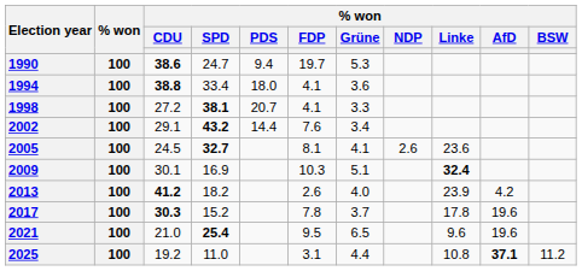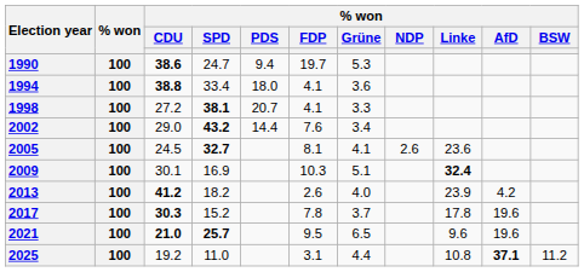 <table class="wikitable" style="text-align:center; font-size: 0.9em;">
 <tr>
 <th rowspan="3">Election year</th>
 <th rowspan="3">% won</th>
 <th colspan="10">% won</th>
 </tr>
 <tr>
 <th class="unsortable" style="width:45px;"><a href='#'>CDU</a></th>
 <th class="unsortable" style="width:45px;"><a href='#'>SPD</a></th>
 <th class="unsortable" style="width:45px;"><a href='#'>PDS</a></th>
 <th class="unsortable" style="width:45px;"><a href='#'>FDP</a></th>
 <th class="unsortable" style="width:45px;"><a href='#'>Grüne</a></th>
 <th class="unsortable" style="width:45px;"><a href='#'>NDP</a></th>
 <th class="unsortable" style="width:45px;"><a href='#'>Linke</a></th>
 <th class="unsortable" style="width:45px;"><a href='#'>AfD</a></th>
 <th class="unsortable" style="width:45px;"><a href='#'>BSW</a></th>
 </tr>
 <tr>
 <th style="background:"></th>
 <th style="background:"></th>
 <th style="background:"></th>
 <th style="background:"></th>
 <th style="background:"></th>
 <th style="background:"></th>
 <th style="background:"></th>
 <th style="background:"></th>
 <th style="background:"></th>
 </tr>
 <tr>
 <th style="text-align: left;"><a href='#'>1990</a></th>
 <th>100</th>
 <td><strong>38.6</strong></td>
 <td>24.7</td>
 <td>9.4</td>
 <td>19.7</td>
 <td>5.3</td>
 <td></td>
 <td></td>
 <td></td>
 <td></td>
 </tr>
 <tr>
 <th style="text-align: left;"><a href='#'>1994</a></th>
 <th>100</th>
 <td><strong>38.8</strong></td>
 <td>33.4</td>
 <td>18.0</td>
 <td>4.1</td>
 <td>3.6</td>
 <td></td>
 <td></td>
 <td></td>
 <td></td>
 </tr>
 <tr>
 <th style="text-align: left;"><a href='#'>1998</a></th>
 <th>100</th>
 <td>27.2</td>
 <td><strong>38.1</strong></td>
 <td>20.7</td>
 <td>4.1</td>
 <td>3.3</td>
 <td></td>
 <td></td>
 <td></td>
 <td></td>
 </tr>
 <tr>
 <th style="text-align: left;"><a href='#'>2002</a></th>
 <th>100</th>
-<td>29.1</td>
+<td>29.0</td>
 <td><strong>43.2</strong></td>
 <td>14.4</td>
 <td>7.6</td>
 <td>3.4</td>
 <td></td>
 <td></td>
 <td></td>
 <td></td>
 </tr>
 <tr>
 <th style="text-align: left;"><a href='#'>2005</a></th>
 <th>100</th>
 <td>24.5</td>
 <td><strong>32.7</strong></td>
 <td></td>
 <td>8.1</td>
 <td>4.1</td>
 <td>2.6</td>
 <td>23.6</td>
 <td></td>
 <td></td>
 </tr>
 <tr>
 <th style="text-align: left;"><a href='#'>2009</a></th>
 <th>100</th>
 <td>30.1</td>
 <td>16.9</td>
 <td></td>
 <td>10.3</td>
 <td>5.1</td>
 <td></td>
 <td><strong>32.4</strong></td>
 <td></td>
 <td></td>
 </tr>
 <tr>
 <th style="text-align: left;"><a href='#'>2013</a></th>
 <th>100</th>
 <td><strong>41.2</strong></td>
 <td>18.2</td>
 <td></td>
 <td>2.6</td>
 <td>4.0</td>
 <td></td>
 <td>23.9</td>
 <td>4.2</td>
 <td></td>
 </tr>
 <tr>
 <th style="text-align: left;"><a href='#'>2017</a></th>
 <th>100</th>
 <td><strong>30.3</strong></td>
 <td>15.2</td>
 <td></td>
 <td>7.8</td>
 <td>3.7</td>
 <td></td>
 <td>17.8</td>
 <td>19.6</td>
 <td></td>
 </tr>
 <tr>
 <th style="text-align: left;"><a href='#'>2021</a></th>
 <th>100</th>
-<td>21.0</td>
-<td><strong>25.4</strong></td>
+<td><strong>21.0</strong></td>
+<td><strong>25.7</strong></td>
 <td></td>
 <td>9.5</td>
 <td>6.5</td>
 <td></td>
 <td>9.6</td>
 <td>19.6</td>
 <td></td>
 </tr>
 <tr>
 <th style="text-align: left;"><a href='#'>2025</a></th>
 <th>100</th>
 <td>19.2</td>
 <td>11.0</td>
 <td></td>
 <td>3.1</td>
 <td>4.4</td>
 <td></td>
 <td>10.8</td>
 <td><strong>37.1</strong></td>
 <td>11.2</td>
 </tr>
 </table>
